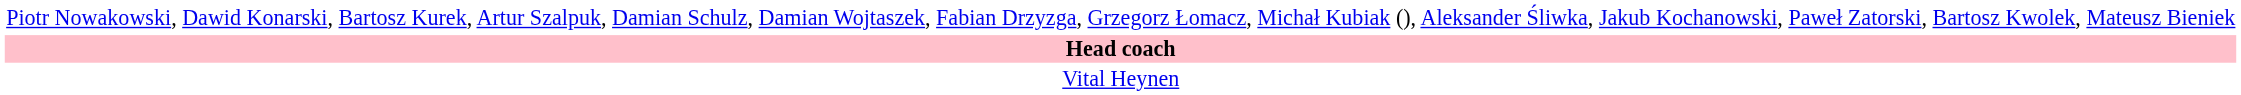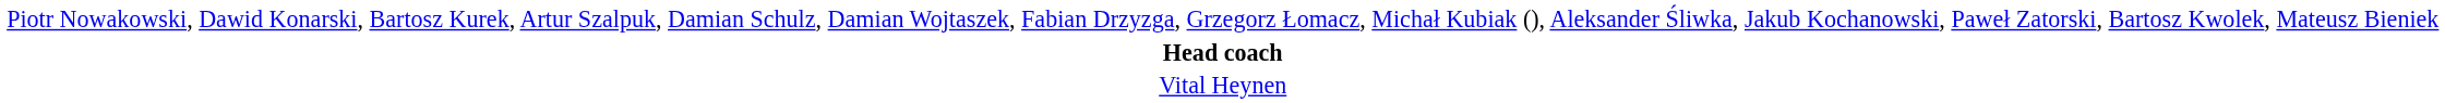 <table style="text-align: center; margin-top: 2em; margin-left: a8uto; margin-right: auto">
 <tr>
 <td><a href='#'>Piotr Nowakowski</a>, <a href='#'>Dawid Konarski</a>, <a href='#'>Bartosz Kurek</a>, <a href='#'>Artur Szalpuk</a>, <a href='#'>Damian Schulz</a>, <a href='#'>Damian Wojtaszek</a>, <a href='#'>Fabian Drzyzga</a>, <a href='#'>Grzegorz Łomacz</a>, <a href='#'>Michał Kubiak</a> (), <a href='#'>Aleksander Śliwka</a>, <a href='#'>Jakub Kochanowski</a>, <a href='#'>Paweł Zatorski</a>, <a href='#'>Bartosz Kwolek</a>, <a href='#'>Mateusz Bieniek</a></td>
 </tr>
 <tr>
-<td style="background: pink;"><strong>Head coach</strong></td>
+<td><strong>Head coach</strong></td>
 </tr>
 <tr>
 <td><a href='#'>Vital Heynen</a></td>
 </tr>
 </table>
